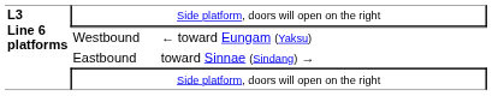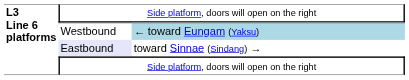 <table table border=0 cellspacing=0 cellpadding=3>
 <tr>
 <td style="border-top:solid 1px gray;border-bottom:solid 1px gray;" width=50 rowspan=10 valign=top><strong>L3<br>Line 6 platforms</strong></td>
 <td style="border-top:solid 1px gray;border-right:solid 2px black;border-left:solid 2px black;border-bottom:solid 2px black;text-align:center;" colspan=2><small><a href='#'>Side platform</a>, doors will open on the right </small></td>
 </tr>
 <tr>
 <td style="border-bottom:solid 0px gray;border-top:solid 1px gray;" width=100>Westbound</td>
-<td style="border-bottom:solid 0px gray;border-top:solid 1px gray;" width=390>←  toward <a href='#'>Eungam</a> <small>(<a href='#'>Yaksu</a>)</small></td>
+<td style="background: lightblue; border-bottom:solid 0px gray;border-top:solid 1px gray;" width=390>←  toward <a href='#'>Eungam</a> <small>(<a href='#'>Yaksu</a>)</small></td>
 </tr>
 <tr>
-<td>Eastbound</td>
+<td style="background: lavender;">Eastbound</td>
 <td>  toward <a href='#'>Sinnae</a> <small>(<a href='#'>Sindang</a>)</small> →</td>
 </tr>
 <tr>
 <td style="border-top:solid 2px black;border-right:solid 2px black;border-left:solid 2px black;border-bottom:solid 1px gray;text-align:center;" colspan=2><small><a href='#'>Side platform</a>, doors will open on the right </small></td>
 </tr>
 </table>
